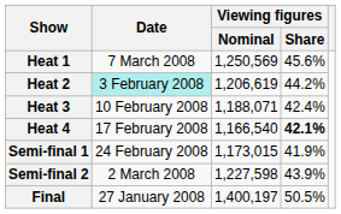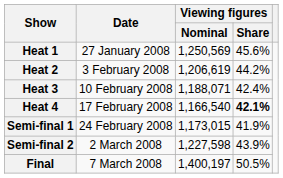 <table class="wikitable plainrowheaders sortable" style="text-align:center">
 <tr>
 <th rowspan="2">Show</th>
 <th rowspan="2">Date</th>
 <th colspan="2">Viewing figures</th>
 <th rowspan="2"></th>
 </tr>
 <tr>
 <th scope="col">Nominal</th>
 <th>Share</th>
 </tr>
 <tr>
 <th scope="row">Heat 1</th>
-<td>7 March 2008</td>
+<td>27 January 2008</td>
 <td>1,250,569</td>
 <td>45.6%</td>
 <td rowspan="7"></td>
 </tr>
 <tr>
 <th scope="row">Heat 2</th>
-<td style="background: paleturquoise;">3 February 2008</td>
+<td>3 February 2008</td>
 <td>1,206,619</td>
 <td>44.2%</td>
 </tr>
 <tr>
 <th scope="row">Heat 3</th>
 <td>10 February 2008</td>
 <td>1,188,071</td>
 <td>42.4%</td>
 </tr>
 <tr>
 <th scope="row">Heat 4</th>
 <td>17 February 2008</td>
 <td>1,166,540</td>
 <td><strong>42.1%</strong></td>
 </tr>
 <tr>
 <th scope="row">Semi-final 1</th>
 <td>24 February 2008</td>
 <td>1,173,015</td>
 <td>41.9%</td>
 </tr>
 <tr>
 <th scope="row">Semi-final 2</th>
 <td>2 March 2008</td>
 <td>1,227,598</td>
 <td>43.9%</td>
 </tr>
 <tr>
 <th scope="row">Final</th>
-<td>27 January 2008</td>
+<td>7 March 2008</td>
 <td>1,400,197</td>
 <td>50.5%</td>
 </tr>
 </table>
